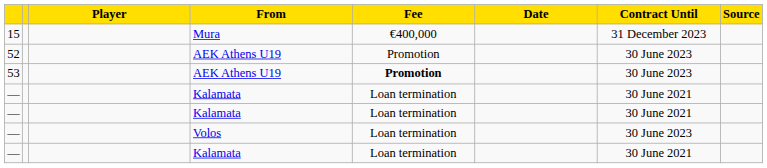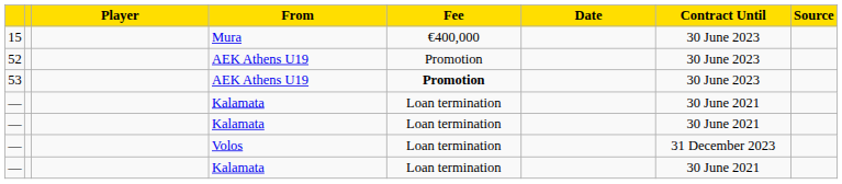 <table class="wikitable sortable">
 <tr>
 <th style="background:#FFDE00"></th>
 <th style="background:#FFDE00"></th>
 <th width=200 style="background:#FFDE00">Player</th>
 <th width=200 style="background:#FFDE00">From</th>
 <th width=150 style="background:#FFDE00">Fee</th>
 <th width=150 style="background:#FFDE00">Date</th>
 <th width=150 style="background:#FFDE00">Contract Until</th>
 <th style="background:#FFDE00">Source</th>
 </tr>
 <tr>
 <td align=center>15</td>
 <td align=center></td>
 <td></td>
 <td> <a href='#'>Mura</a></td>
 <td align=center>€400,000</td>
 <td align=center></td>
-<td align=center>31 December 2023</td>
+<td align=center>30 June 2023</td>
 <td align=center></td>
 </tr>
 <tr>
 <td align=center>52</td>
 <td align=center></td>
 <td></td>
 <td> <a href='#'>AEK Athens U19</a></td>
 <td align=center>Promotion</td>
 <td align=center></td>
 <td align=center>30 June 2023</td>
 <td align=center></td>
 </tr>
 <tr>
 <td align=center>53</td>
 <td align=center></td>
 <td></td>
 <td> <a href='#'>AEK Athens U19</a></td>
 <td align=center><strong>Promotion</strong></td>
 <td align=center></td>
 <td align=center>30 June 2023</td>
 <td align=center></td>
 </tr>
 <tr>
 <td align=center>—</td>
 <td align=center></td>
 <td></td>
 <td> <a href='#'>Kalamata</a></td>
 <td align=center>Loan termination</td>
 <td align=center></td>
 <td align=center>30 June 2021</td>
 <td align=center></td>
 </tr>
 <tr>
 <td align=center>—</td>
 <td align=center></td>
 <td></td>
 <td> <a href='#'>Kalamata</a></td>
 <td align=center>Loan termination</td>
 <td align=center></td>
 <td align=center>30 June 2021</td>
 <td align=center></td>
 </tr>
 <tr>
 <td align=center>—</td>
 <td align=center></td>
 <td></td>
 <td> <a href='#'>Volos</a></td>
 <td align=center>Loan termination</td>
 <td align=center></td>
-<td align=center>30 June 2023</td>
+<td align=center>31 December 2023</td>
 <td align=center></td>
 </tr>
 <tr>
 <td align=center>—</td>
 <td align=center></td>
 <td></td>
 <td> <a href='#'>Kalamata</a></td>
 <td align=center>Loan termination</td>
 <td align=center></td>
 <td align=center>30 June 2021</td>
 <td align=center></td>
 </tr>
 </table>
